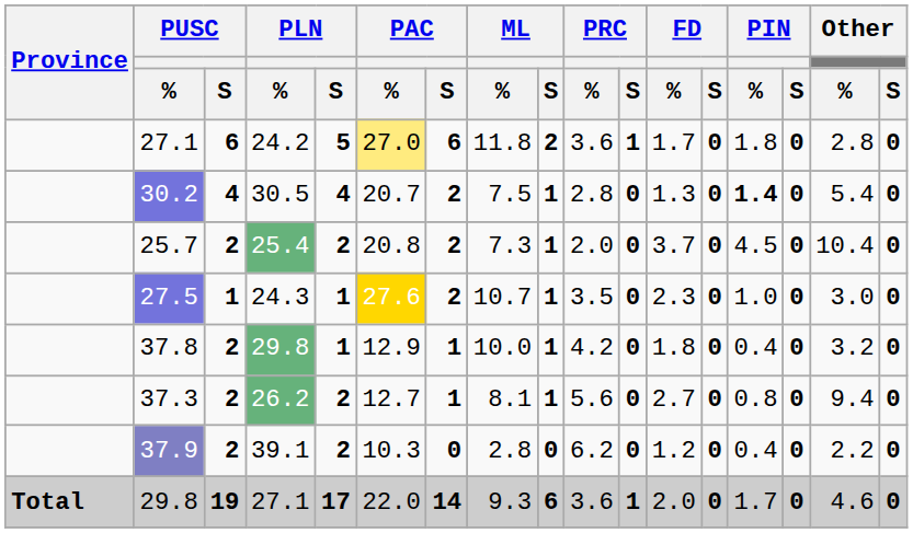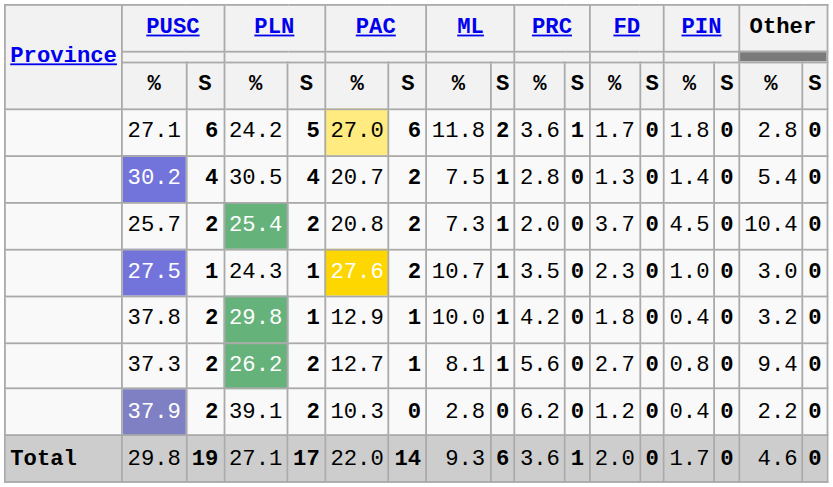 <table class="wikitable sortable" style="text-align:right; font-size:95%; line-height:20px;">
 <tr>
 <th rowspan="3"><a href='#'>Province</a></th>
 <th colspan="2" width="30px"><a href='#'>PUSC</a></th>
 <th colspan="2" width="30px"><a href='#'>PLN</a></th>
 <th colspan="2" width="30px"><a href='#'>PAC</a></th>
 <th colspan="2" width="30px"><a href='#'>ML</a></th>
 <th colspan="2" width="30px"><a href='#'>PRC</a></th>
 <th colspan="2" width="30px"><a href='#'>FD</a></th>
 <th colspan="2" width="30px"><a href='#'>PIN</a></th>
 <th colspan="2" width="30px">Other</th>
 </tr>
 <tr>
 <th colspan="2" style="background:"></th>
 <th colspan="2" style="background:"></th>
 <th colspan="2" style="background:"></th>
 <th colspan="2" style="background:"></th>
 <th colspan="2" style="background:"></th>
 <th colspan="2" style="background:"></th>
 <th colspan="2" style="background:"></th>
 <th colspan="2" style="background:#7a7a7a"></th>
 </tr>
 <tr>
 <th data-sort-type="number">%</th>
 <th data-sort-type="number">S</th>
 <th data-sort-type="number">%</th>
 <th data-sort-type="number">S</th>
 <th data-sort-type="number">%</th>
 <th data-sort-type="number">S</th>
 <th data-sort-type="number">%</th>
 <th data-sort-type="number">S</th>
 <th data-sort-type="number">%</th>
 <th data-sort-type="number">S</th>
 <th data-sort-type="number">%</th>
 <th data-sort-type="number">S</th>
 <th data-sort-type="number">%</th>
 <th data-sort-type="number">S</th>
 <th data-sort-type="number">%</th>
 <th data-sort-type="number">S</th>
 </tr>
 <tr>
 <td align="left"></td>
 <td style="background:">27.1</td>
 <td><strong>6</strong></td>
 <td>24.2</td>
 <td><strong>5</strong></td>
 <td style="background:#FFEB7F; color:black;">27.0</td>
 <td><strong>6</strong></td>
 <td>11.8</td>
 <td><strong>2</strong></td>
 <td>3.6</td>
 <td><strong>1</strong></td>
 <td>1.7</td>
 <td><strong>0</strong></td>
 <td>1.8</td>
 <td><strong>0</strong></td>
 <td>2.8</td>
 <td><strong>0</strong></td>
 </tr>
 <tr>
 <td align="left"></td>
 <td style="background:#7373dc; color:white;">30.2</td>
 <td><strong>4</strong></td>
 <td style="background:">30.5</td>
 <td><strong>4</strong></td>
 <td>20.7</td>
 <td><strong>2</strong></td>
 <td>7.5</td>
 <td><strong>1</strong></td>
 <td>2.8</td>
 <td><strong>0</strong></td>
 <td>1.3</td>
 <td><strong>0</strong></td>
-<td><strong>1.4</strong></td>
+<td>1.4</td>
 <td><strong>0</strong></td>
 <td>5.4</td>
 <td><strong>0</strong></td>
 </tr>
 <tr>
 <td align="left"></td>
 <td style="background:">25.7</td>
 <td><strong>2</strong></td>
 <td style="background:#66B27B; color:white;">25.4</td>
 <td><strong>2</strong></td>
 <td>20.8</td>
 <td><strong>2</strong></td>
 <td>7.3</td>
 <td><strong>1</strong></td>
 <td>2.0</td>
 <td><strong>0</strong></td>
 <td>3.7</td>
 <td><strong>0</strong></td>
 <td>4.5</td>
 <td><strong>0</strong></td>
 <td>10.4</td>
 <td><strong>0</strong></td>
 </tr>
 <tr>
 <td align="left"></td>
 <td style="background:#7373dc; color:white;">27.5</td>
 <td><strong>1</strong></td>
 <td>24.3</td>
 <td><strong>1</strong></td>
 <td style="background:#FFD700; color:white;">27.6</td>
 <td><strong>2</strong></td>
 <td>10.7</td>
 <td><strong>1</strong></td>
 <td>3.5</td>
 <td><strong>0</strong></td>
 <td>2.3</td>
 <td><strong>0</strong></td>
 <td>1.0</td>
 <td><strong>0</strong></td>
 <td>3.0</td>
 <td><strong>0</strong></td>
 </tr>
 <tr>
 <td align="left"></td>
 <td style="background:">37.8</td>
 <td><strong>2</strong></td>
 <td style="background:#66B27B; color:white;">29.8</td>
 <td><strong>1</strong></td>
 <td>12.9</td>
 <td><strong>1</strong></td>
 <td>10.0</td>
 <td><strong>1</strong></td>
 <td>4.2</td>
 <td><strong>0</strong></td>
 <td>1.8</td>
 <td><strong>0</strong></td>
 <td>0.4</td>
 <td><strong>0</strong></td>
 <td>3.2</td>
 <td><strong>0</strong></td>
 </tr>
 <tr>
 <td align="left"></td>
 <td style="background:">37.3</td>
 <td><strong>2</strong></td>
 <td style="background:#66B27B; color:white;">26.2</td>
 <td><strong>2</strong></td>
 <td>12.7</td>
 <td><strong>1</strong></td>
 <td>8.1</td>
 <td><strong>1</strong></td>
 <td>5.6</td>
 <td><strong>0</strong></td>
 <td>2.7</td>
 <td><strong>0</strong></td>
 <td>0.8</td>
 <td><strong>0</strong></td>
 <td>9.4</td>
 <td><strong>0</strong></td>
 </tr>
 <tr>
 <td align="left"></td>
 <td style="background:#7F7FC3; color:white;">37.9</td>
 <td><strong>2</strong></td>
 <td style="background:">39.1</td>
 <td><strong>2</strong></td>
 <td>10.3</td>
 <td><strong>0</strong></td>
 <td>2.8</td>
 <td><strong>0</strong></td>
 <td>6.2</td>
 <td><strong>0</strong></td>
 <td>1.2</td>
 <td><strong>0</strong></td>
 <td>0.4</td>
 <td><strong>0</strong></td>
 <td>2.2</td>
 <td><strong>0</strong></td>
 </tr>
 <tr style="background:#CDCDCD;">
 <td align="left"><strong>Total</strong></td>
 <td style="background:">29.8</td>
 <td><strong>19</strong></td>
 <td>27.1</td>
 <td><strong>17</strong></td>
 <td>22.0</td>
 <td><strong>14</strong></td>
 <td>9.3</td>
 <td><strong>6</strong></td>
 <td>3.6</td>
 <td><strong>1</strong></td>
 <td>2.0</td>
 <td><strong>0</strong></td>
 <td>1.7</td>
 <td><strong>0</strong></td>
 <td>4.6</td>
 <td><strong>0</strong></td>
 </tr>
 </table>
